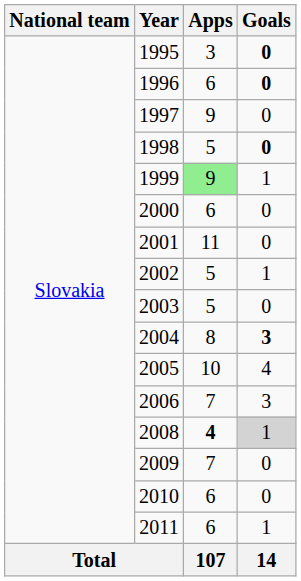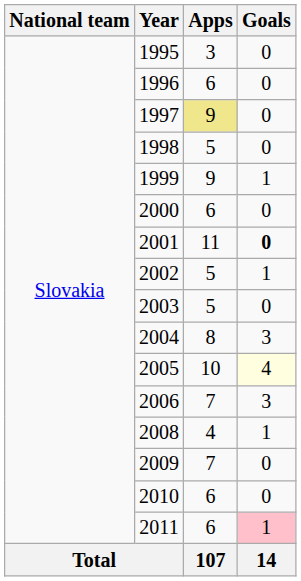 <table class="wikitable" style="text-align:center">
 <tr>
 <th>National team</th>
 <th>Year</th>
 <th>Apps</th>
 <th>Goals</th>
 </tr>
 <tr>
 <td rowspan="16"><a href='#'>Slovakia</a></td>
 <td>1995</td>
 <td>3</td>
-<td><strong>0</strong></td>
+<td>0</td>
 </tr>
 <tr>
 <td>1996</td>
 <td>6</td>
-<td><strong>0</strong></td>
+<td>0</td>
 </tr>
 <tr>
 <td>1997</td>
-<td>9</td>
+<td style="background: khaki;">9</td>
 <td>0</td>
 </tr>
 <tr>
 <td>1998</td>
 <td>5</td>
-<td><strong>0</strong></td>
+<td>0</td>
 </tr>
 <tr>
 <td>1999</td>
-<td style="background: lightgreen;">9</td>
+<td>9</td>
 <td>1</td>
 </tr>
 <tr>
 <td>2000</td>
 <td>6</td>
 <td>0</td>
 </tr>
 <tr>
 <td>2001</td>
 <td>11</td>
-<td>0</td>
+<td><strong>0</strong></td>
 </tr>
 <tr>
 <td>2002</td>
 <td>5</td>
 <td>1</td>
 </tr>
 <tr>
 <td>2003</td>
 <td>5</td>
 <td>0</td>
 </tr>
 <tr>
 <td>2004</td>
 <td>8</td>
-<td><strong>3</strong></td>
+<td>3</td>
 </tr>
 <tr>
 <td>2005</td>
 <td>10</td>
-<td>4</td>
+<td style="background: lightyellow;">4</td>
 </tr>
 <tr>
 <td>2006</td>
 <td>7</td>
 <td>3</td>
 </tr>
 <tr>
 <td>2008</td>
-<td><strong>4</strong></td>
-<td style="background: lightgrey;">1</td>
+<td>4</td>
+<td>1</td>
 </tr>
 <tr>
 <td>2009</td>
 <td>7</td>
 <td>0</td>
 </tr>
 <tr>
 <td>2010</td>
 <td>6</td>
 <td>0</td>
 </tr>
 <tr>
 <td>2011</td>
 <td>6</td>
-<td>1</td>
+<td style="background: pink;">1</td>
 </tr>
 <tr>
 <th colspan="2">Total</th>
 <th>107</th>
 <th>14</th>
 </tr>
 </table>
